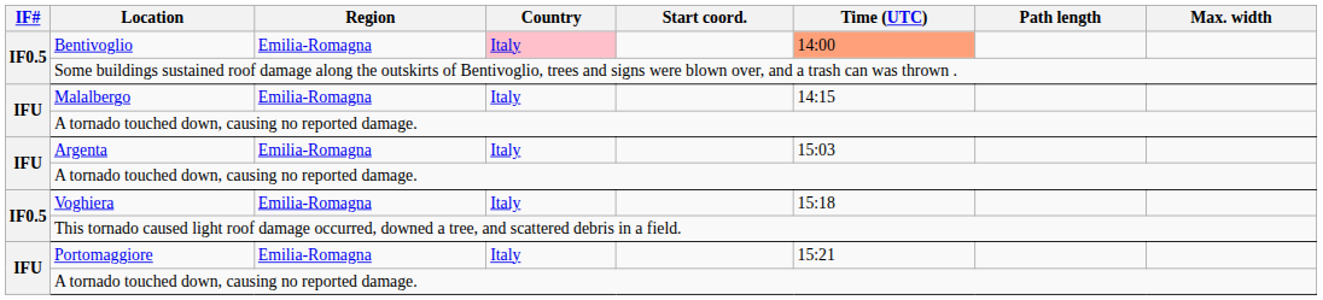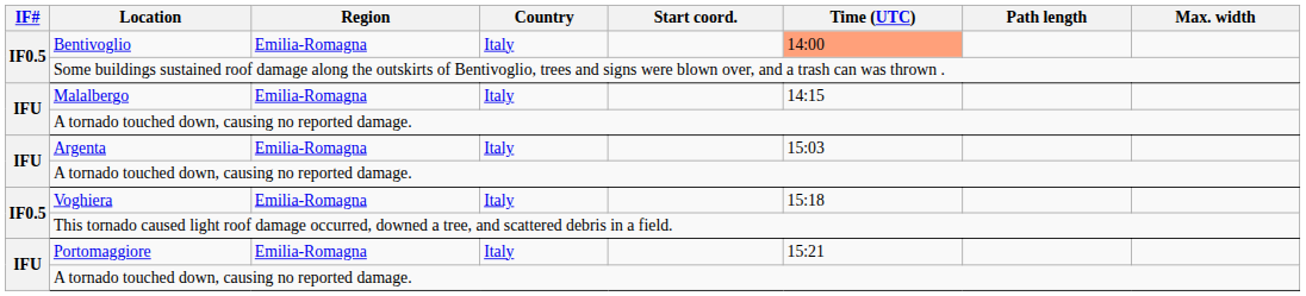 <table class="wikitable sortable" style="width:100%;">
 <tr>
 <th scope="col" width="2%" align="center"><a href='#'>IF#</a></th>
 <th scope="col" align="center" class="unsortable">Location</th>
 <th scope="col" align="center" class="unsortable">Region</th>
 <th scope="col" align="center">Country</th>
 <th scope="col" align="center">Start coord.</th>
 <th scope="col" align="center">Time (<a href='#'>UTC</a>)</th>
 <th scope="col" align="center">Path length</th>
 <th scope="col" align="center">Max. width</th>
 </tr>
 <tr>
 <th scope="row" rowspan="2" style="background-color:#">IF0.5</th>
 <td><a href='#'>Bentivoglio</a></td>
 <td><a href='#'>Emilia-Romagna</a></td>
-<td style="background: pink;"><a href='#'>Italy</a></td>
+<td><a href='#'>Italy</a></td>
 <td></td>
 <td style="background: lightsalmon;">14:00</td>
 <td></td>
 <td></td>
 </tr>
 <tr class="expand-child">
 <td colspan="8" style=" border-bottom: 1px solid black;">Some buildings sustained roof damage along the outskirts of Bentivoglio, trees and signs were blown over, and a trash can was thrown .</td>
 </tr>
 <tr>
 <th scope="row" rowspan="2" style="background-color:#">IFU</th>
 <td><a href='#'>Malalbergo</a></td>
 <td><a href='#'>Emilia-Romagna</a></td>
 <td><a href='#'>Italy</a></td>
 <td></td>
 <td>14:15</td>
 <td></td>
 <td></td>
 </tr>
 <tr class="expand-child">
 <td colspan="8" style=" border-bottom: 1px solid black;">A tornado touched down, causing no reported damage.</td>
 </tr>
 <tr>
 <th scope="row" rowspan="2" style="background-color:#">IFU</th>
 <td><a href='#'>Argenta</a></td>
 <td><a href='#'>Emilia-Romagna</a></td>
 <td><a href='#'>Italy</a></td>
 <td></td>
 <td>15:03</td>
 <td></td>
 <td></td>
 </tr>
 <tr class="expand-child">
 <td colspan="8" style=" border-bottom: 1px solid black;">A tornado touched down, causing no reported damage.</td>
 </tr>
 <tr>
 <th scope="row" rowspan="2" style="background-color:#">IF0.5</th>
 <td><a href='#'>Voghiera</a></td>
 <td><a href='#'>Emilia-Romagna</a></td>
 <td><a href='#'>Italy</a></td>
 <td></td>
 <td>15:18</td>
 <td></td>
 <td></td>
 </tr>
 <tr class="expand-child">
 <td colspan="8" style=" border-bottom: 1px solid black;">This tornado caused light roof damage occurred, downed a tree, and scattered debris in a field.</td>
 </tr>
 <tr>
 <th scope="row" rowspan="2" style="background-color:#">IFU</th>
 <td><a href='#'>Portomaggiore</a></td>
 <td><a href='#'>Emilia-Romagna</a></td>
 <td><a href='#'>Italy</a></td>
 <td></td>
 <td>15:21</td>
 <td></td>
 <td></td>
 </tr>
 <tr class="expand-child">
 <td colspan="8" style=" border-bottom: 1px solid black;">A tornado touched down, causing no reported damage.</td>
 </tr>
 </table>
